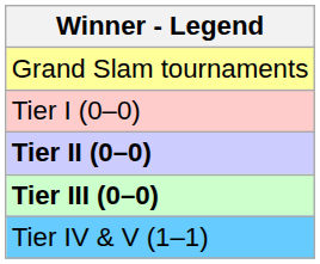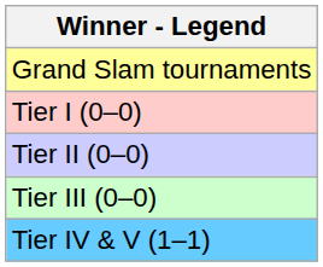 <table class="wikitable sortable mw-collapsible mw-collapsed">
 <tr>
 <th>Winner - Legend</th>
 </tr>
 <tr>
 <td align=center colspan=2 bgcolor=FFFF99>Grand Slam tournaments</td>
 </tr>
 <tr>
 <td bgcolor=ffcccc>Tier I (0–0)</td>
 </tr>
 <tr>
-<td bgcolor=ccccff><strong>Tier II (0–0)</strong></td>
+<td bgcolor=ccccff>Tier II (0–0)</td>
 </tr>
 <tr>
-<td bgcolor=CCFFCC><strong>Tier III (0–0)</strong></td>
+<td bgcolor=CCFFCC>Tier III (0–0)</td>
 </tr>
 <tr>
 <td bgcolor=66CCFF>Tier IV & V (1–1)</td>
 </tr>
 </table>
